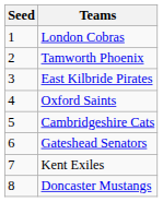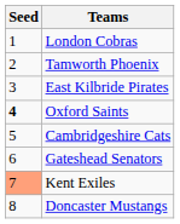 <table class="wikitable">
 <tr>
 <th>Seed</th>
 <th>Teams</th>
 </tr>
 <tr>
 <td>1</td>
 <td><a href='#'>London Cobras</a></td>
 </tr>
 <tr>
 <td>2</td>
 <td><a href='#'>Tamworth Phoenix</a></td>
 </tr>
 <tr>
 <td>3</td>
 <td><a href='#'>East Kilbride Pirates</a></td>
 </tr>
 <tr>
-<td>4</td>
+<td><strong>4</strong></td>
 <td><a href='#'>Oxford Saints</a></td>
 </tr>
 <tr>
 <td>5</td>
 <td><a href='#'>Cambridgeshire Cats</a></td>
 </tr>
 <tr>
 <td>6</td>
 <td><a href='#'>Gateshead Senators</a></td>
 </tr>
 <tr>
-<td>7</td>
+<td style="background: lightsalmon;">7</td>
 <td>Kent Exiles</td>
 </tr>
 <tr>
 <td>8</td>
 <td><a href='#'>Doncaster Mustangs</a></td>
 </tr>
 </table>
